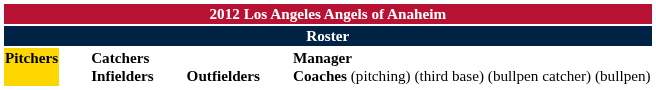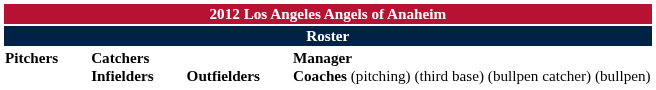 <table class="toccolours" style="font-size: 95%;">
 <tr>
 <th colspan="10" style="background-color: #B71234; color: white; text-align: center;">2012 Los Angeles Angels of Anaheim</th>
 </tr>
 <tr>
 <td colspan="10" style="background-color:#002244; color: white; text-align: center;"><strong>Roster</strong></td>
 </tr>
 <tr>
-<td valign="top" style="background: gold;"><strong>Pitchers</strong><br>                      </td>
+<td valign="top"><strong>Pitchers</strong><br>                      </td>
 <td width="25px"></td>
 <td valign="top"><strong>Catchers</strong><br>    <strong>Infielders</strong>        </td>
 <td width="25px"></td>
 <td valign="top"><br><strong>Outfielders</strong>         </td>
 <td width="25px"></td>
 <td valign="top"><strong>Manager</strong><br> <strong>Coaches</strong>  (pitching)  (third base)    (bullpen catcher)     (bullpen)</td>
 </tr>
 </table>
